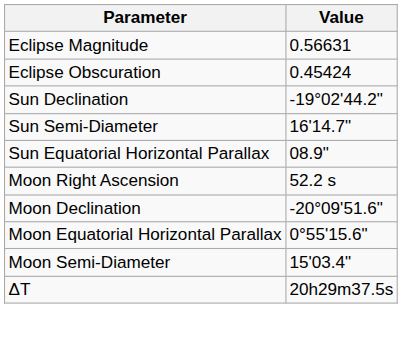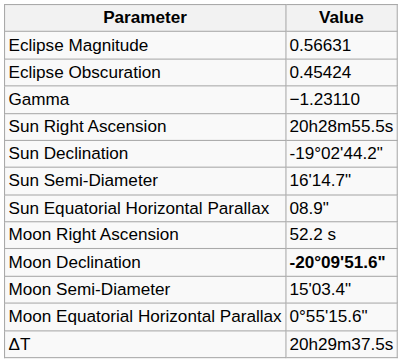 <table class="wikitable">
 <tr>
 <th>Parameter</th>
 <th>Value</th>
 </tr>
 <tr>
 <td>Eclipse Magnitude</td>
 <td>0.56631</td>
 </tr>
 <tr>
 <td>Eclipse Obscuration</td>
 <td>0.45424</td>
+</tr>
+<tr>
+<td>Gamma</td>
+<td>−1.23110</td>
+</tr>
+<tr>
+<td>Sun Right Ascension</td>
+<td>20h28m55.5s</td>
 </tr>
 <tr>
 <td>Sun Declination</td>
 <td>-19°02'44.2"</td>
 </tr>
 <tr>
 <td>Sun Semi-Diameter</td>
 <td>16'14.7"</td>
 </tr>
 <tr>
 <td>Sun Equatorial Horizontal Parallax</td>
 <td>08.9"</td>
 </tr>
 <tr>
 <td>Moon Right Ascension</td>
 <td>52.2 s</td>
 </tr>
 <tr>
 <td>Moon Declination</td>
-<td>-20°09'51.6"</td>
+<td><strong>-20°09'51.6"</strong></td>
+</tr>
+<tr>
+<td>Moon Semi-Diameter</td>
+<td>15'03.4"</td>
 </tr>
 <tr>
 <td>Moon Equatorial Horizontal Parallax</td>
 <td>0°55'15.6"</td>
 </tr>
 <tr>
-<td>Moon Semi-Diameter</td>
-<td>15'03.4"</td>
-</tr>
-<tr>
 <td>ΔT</td>
 <td>20h29m37.5s</td>
 </tr>
 </table>
